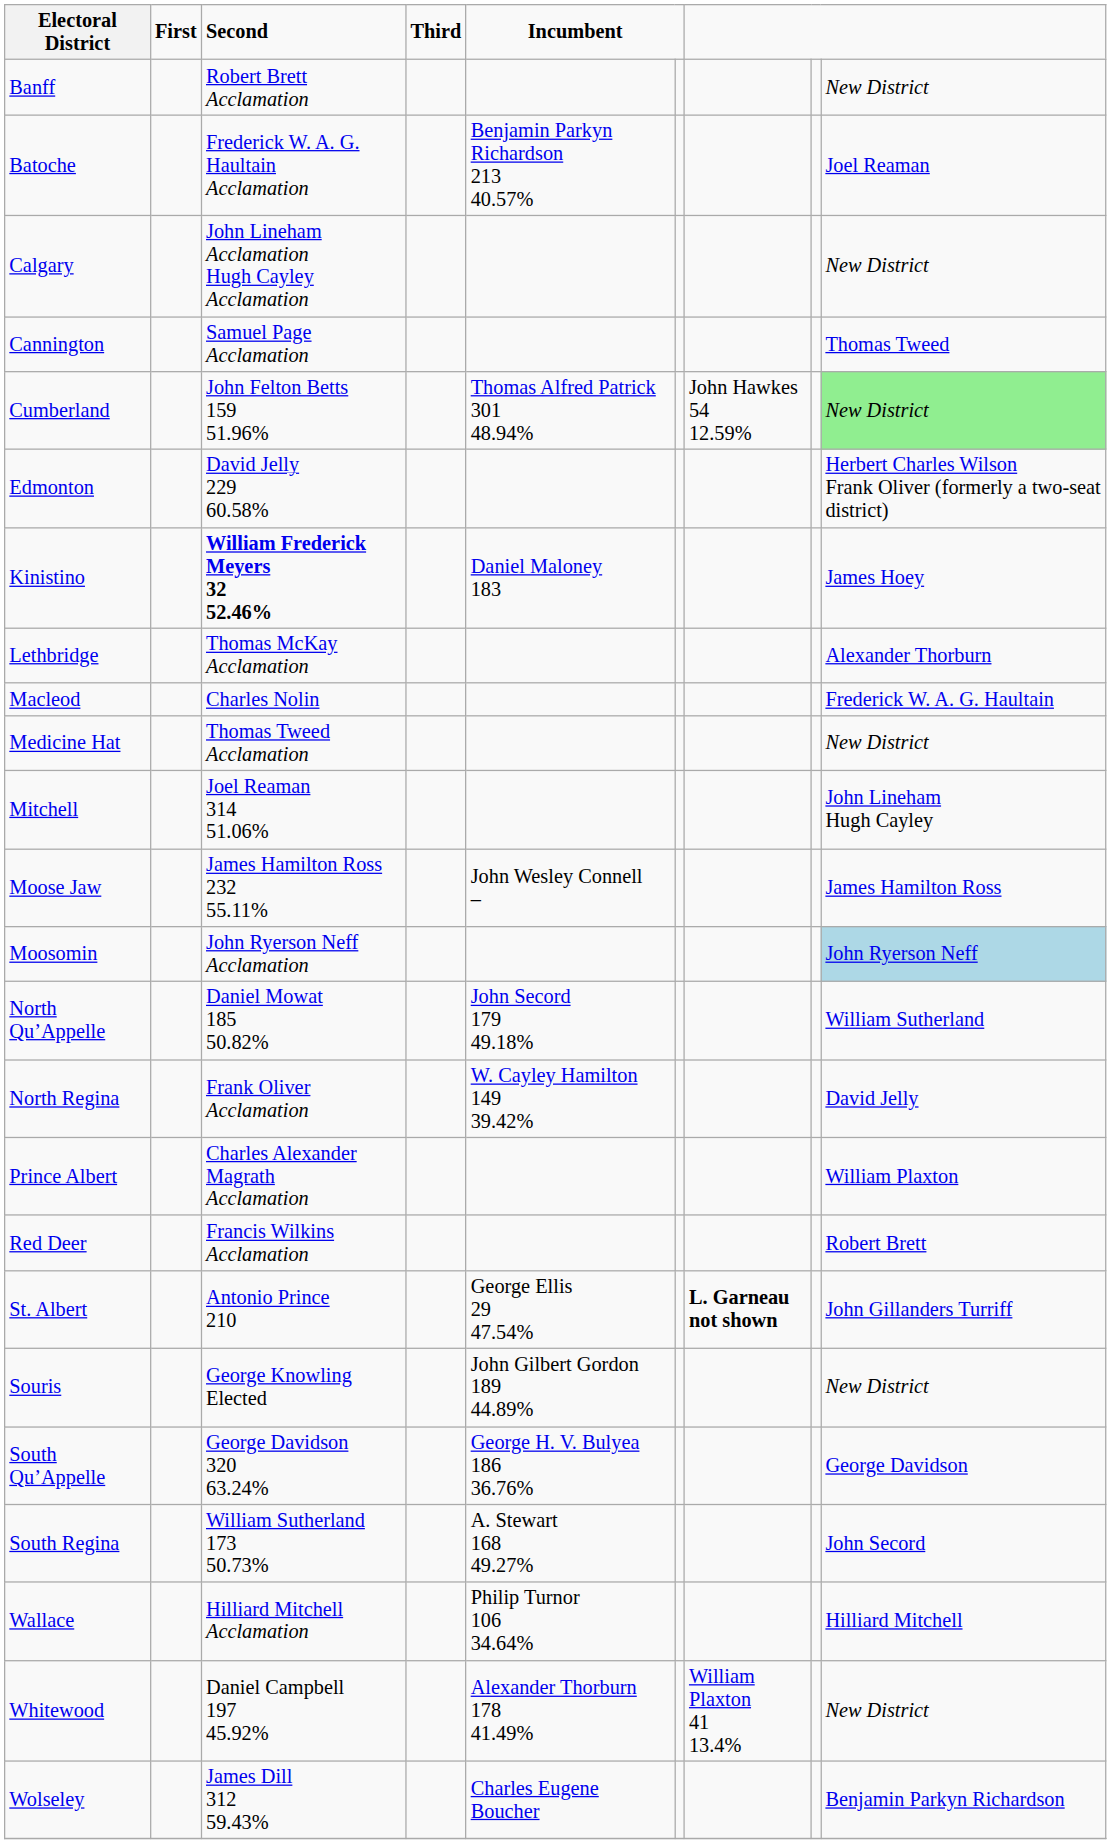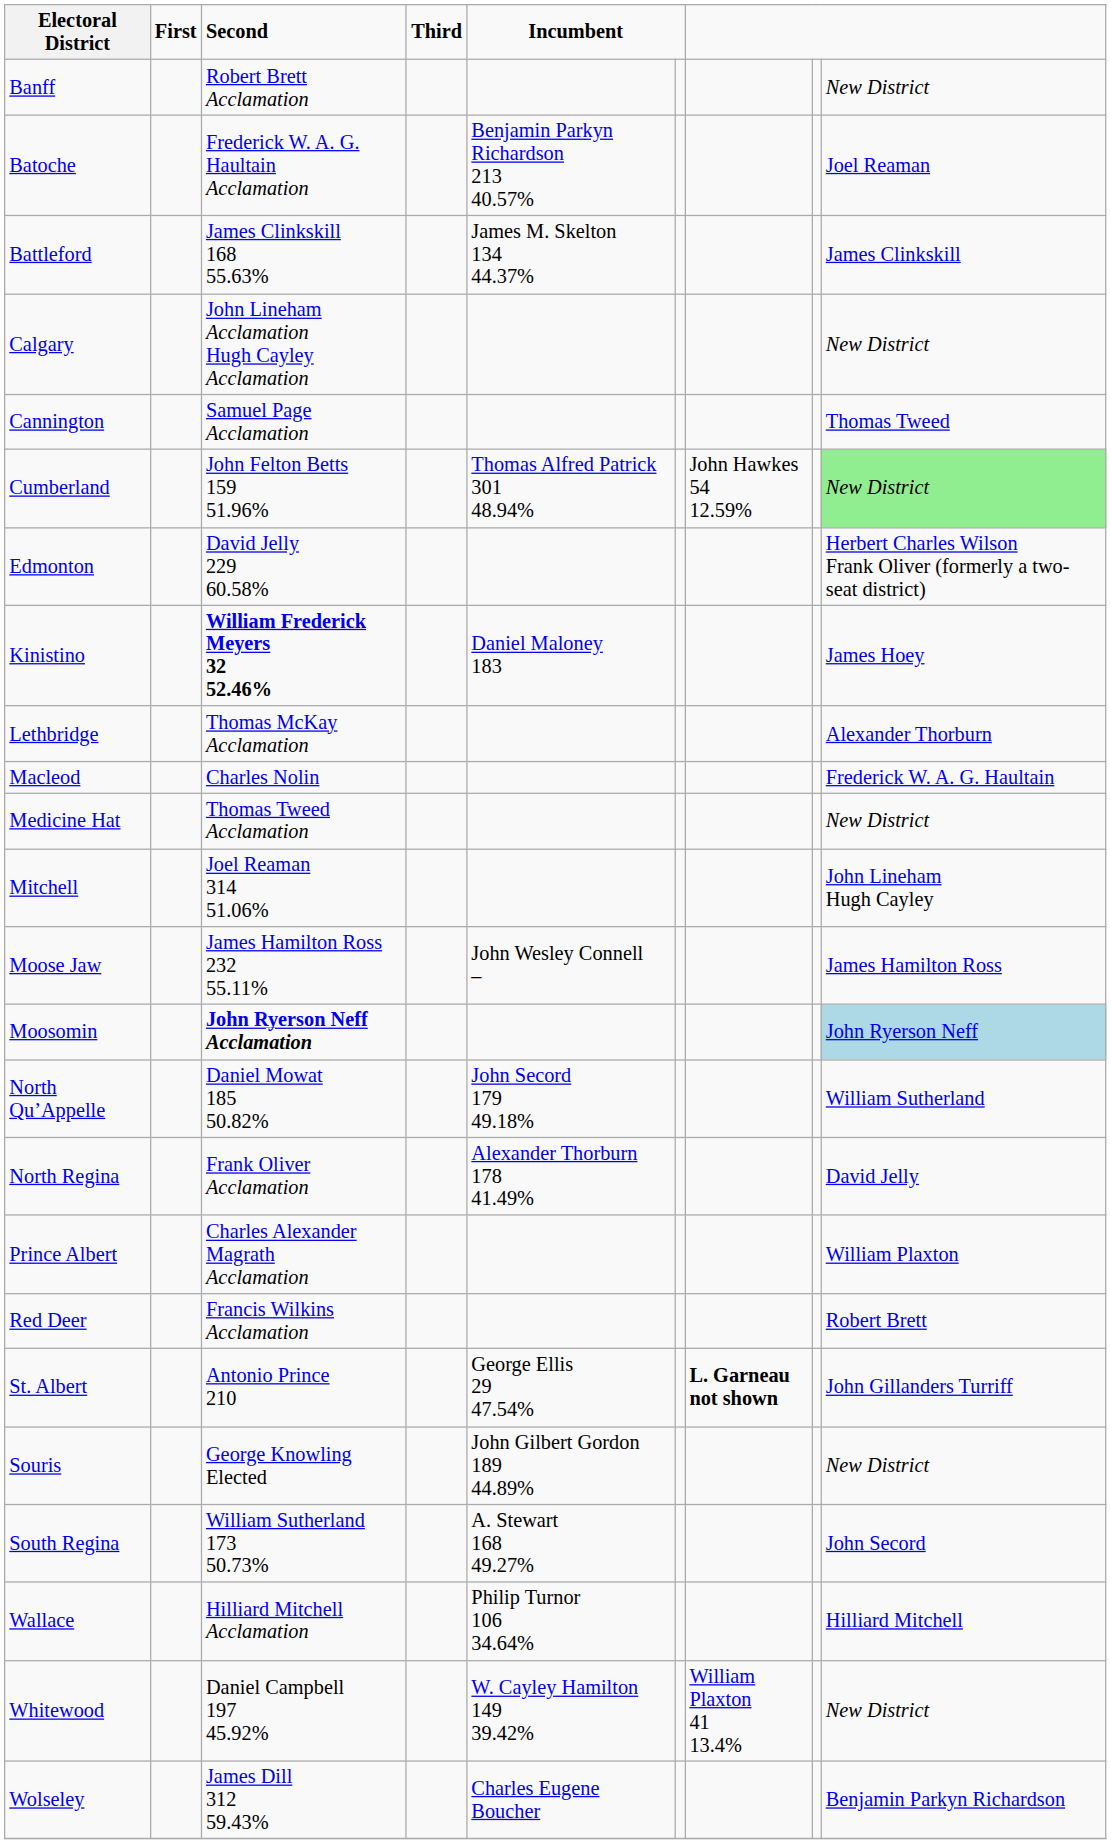 <table class="wikitable">
 <tr>
 <th>Electoral District</th>
 <td><strong>First</strong></td>
 <td><strong>Second</strong></td>
 <td><strong>Third</strong></td>
 <td colspan="2" style="text-align: center;"><strong>Incumbent</strong></td>
 </tr>
 <tr>
 <td><a href='#'>Banff</a></td>
 <td></td>
 <td><a href='#'>Robert Brett</a><br><em>Acclamation</em></td>
 <td></td>
 <td></td>
 <td></td>
 <td></td>
 <td></td>
 <td><em>New District</em></td>
 </tr>
 <tr>
 <td><a href='#'>Batoche</a></td>
 <td></td>
 <td><a href='#'>Frederick W. A. G. Haultain</a><br><em>Acclamation</em></td>
 <td></td>
 <td><a href='#'>Benjamin Parkyn Richardson</a><br>213<br>40.57%</td>
 <td></td>
 <td></td>
 <td></td>
 <td><a href='#'>Joel Reaman</a></td>
+</tr>
+<tr>
+<td><a href='#'>Battleford</a></td>
+<td></td>
+<td><a href='#'>James Clinkskill</a><br>168<br>55.63%</td>
+<td></td>
+<td>James M. Skelton<br>134<br>44.37%</td>
+<td></td>
+<td></td>
+<td></td>
+<td><a href='#'>James Clinkskill</a></td>
 </tr>
 <tr>
 <td><a href='#'>Calgary</a></td>
 <td></td>
 <td><a href='#'>John Lineham</a><br><em>Acclamation</em><br><a href='#'>Hugh Cayley</a><br><em>Acclamation</em></td>
 <td></td>
 <td></td>
 <td></td>
 <td></td>
 <td></td>
 <td><em>New District</em></td>
 </tr>
 <tr>
 <td><a href='#'>Cannington</a></td>
 <td></td>
 <td><a href='#'>Samuel Page</a><br><em>Acclamation</em></td>
 <td></td>
 <td></td>
 <td></td>
 <td></td>
 <td></td>
 <td><a href='#'>Thomas Tweed</a></td>
 </tr>
 <tr>
 <td><a href='#'>Cumberland</a></td>
 <td></td>
 <td><a href='#'>John Felton Betts</a><br>159<br>51.96%</td>
 <td></td>
 <td><a href='#'>Thomas Alfred Patrick</a><br>301<br>48.94%</td>
 <td></td>
 <td>John Hawkes<br>54<br>12.59%</td>
 <td></td>
 <td style="background: lightgreen;"><em>New District</em></td>
 </tr>
 <tr>
 <td><a href='#'>Edmonton</a></td>
 <td></td>
 <td><a href='#'>David Jelly</a><br>229<br>60.58%</td>
 <td></td>
 <td></td>
 <td></td>
 <td></td>
 <td></td>
 <td><a href='#'>Herbert Charles Wilson</a><br>Frank Oliver (formerly a two-seat district)</td>
 </tr>
 <tr>
 <td><a href='#'>Kinistino</a></td>
 <td></td>
 <td><strong><a href='#'>William Frederick Meyers</a><br>32<br>52.46%</strong></td>
 <td></td>
 <td><a href='#'>Daniel Maloney</a><br>183</td>
 <td></td>
 <td></td>
 <td></td>
 <td><a href='#'>James Hoey</a></td>
 </tr>
 <tr>
 <td><a href='#'>Lethbridge</a></td>
 <td></td>
 <td><a href='#'>Thomas McKay</a><br><em>Acclamation</em></td>
 <td></td>
 <td></td>
 <td></td>
 <td></td>
 <td></td>
 <td><a href='#'>Alexander Thorburn</a></td>
 </tr>
 <tr>
 <td><a href='#'>Macleod</a></td>
 <td></td>
 <td><a href='#'>Charles Nolin</a></td>
 <td></td>
 <td></td>
 <td></td>
 <td></td>
 <td></td>
 <td><a href='#'>Frederick W. A. G. Haultain</a></td>
 </tr>
 <tr>
 <td><a href='#'>Medicine Hat</a></td>
 <td></td>
 <td><a href='#'>Thomas Tweed</a><br><em>Acclamation</em></td>
 <td></td>
 <td></td>
 <td></td>
 <td></td>
 <td></td>
 <td><em>New District</em></td>
 </tr>
 <tr>
 <td><a href='#'>Mitchell</a></td>
 <td></td>
 <td><a href='#'>Joel Reaman</a><br>314<br>51.06%</td>
 <td></td>
 <td></td>
 <td></td>
 <td></td>
 <td></td>
 <td><a href='#'>John Lineham</a><br>Hugh Cayley</td>
 </tr>
 <tr>
 <td><a href='#'>Moose Jaw</a></td>
 <td></td>
 <td><a href='#'>James Hamilton Ross</a><br>232<br>55.11%</td>
 <td></td>
 <td>John Wesley Connell<br>–</td>
 <td></td>
 <td></td>
 <td></td>
 <td><a href='#'>James Hamilton Ross</a></td>
 </tr>
 <tr>
 <td><a href='#'>Moosomin</a></td>
 <td></td>
-<td><a href='#'>John Ryerson Neff</a><br><em>Acclamation</em></td>
+<td><strong><a href='#'>John Ryerson Neff</a><br><em>Acclamation</em></strong></td>
 <td></td>
 <td></td>
 <td></td>
 <td></td>
 <td></td>
 <td style="background: lightblue;"><a href='#'>John Ryerson Neff</a></td>
 </tr>
 <tr>
 <td><a href='#'>North Qu’Appelle</a></td>
 <td></td>
 <td><a href='#'>Daniel Mowat</a><br>185<br>50.82%</td>
 <td></td>
 <td><a href='#'>John Secord</a><br>179<br>49.18%</td>
 <td></td>
 <td></td>
 <td></td>
 <td><a href='#'>William Sutherland</a></td>
 </tr>
 <tr>
 <td><a href='#'>North Regina</a></td>
 <td></td>
 <td><a href='#'>Frank Oliver</a><br><em>Acclamation</em></td>
 <td></td>
-<td><a href='#'>W. Cayley Hamilton</a><br>149<br>39.42%</td>
+<td><a href='#'>Alexander Thorburn</a><br>178<br>41.49%</td>
 <td></td>
 <td></td>
 <td></td>
 <td><a href='#'>David Jelly</a></td>
 </tr>
 <tr>
 <td><a href='#'>Prince Albert</a></td>
 <td></td>
 <td><a href='#'>Charles Alexander Magrath</a><br><em>Acclamation</em></td>
 <td></td>
 <td></td>
 <td></td>
 <td></td>
 <td></td>
 <td><a href='#'>William Plaxton</a></td>
 </tr>
 <tr>
 <td><a href='#'>Red Deer</a></td>
 <td></td>
 <td><a href='#'>Francis Wilkins</a><br><em>Acclamation</em></td>
 <td></td>
 <td></td>
 <td></td>
 <td></td>
 <td></td>
 <td><a href='#'>Robert Brett</a></td>
 </tr>
 <tr>
 <td><a href='#'>St. Albert</a></td>
 <td></td>
 <td><a href='#'>Antonio Prince</a><br>210</td>
 <td></td>
 <td>George Ellis<br>29<br>47.54%</td>
 <td></td>
 <td><strong>L. Garneau<br>not shown</strong></td>
 <td></td>
 <td><a href='#'>John Gillanders Turriff</a></td>
 </tr>
 <tr>
 <td><a href='#'>Souris</a></td>
 <td></td>
 <td><a href='#'>George Knowling</a><br>Elected</td>
 <td></td>
 <td>John Gilbert Gordon<br>189<br>44.89%</td>
 <td></td>
 <td></td>
 <td></td>
 <td><em>New District</em></td>
 </tr>
 <tr>
-<td><a href='#'>South Qu’Appelle</a></td>
-<td></td>
-<td><a href='#'>George Davidson</a><br>320<br>63.24%</td>
-<td></td>
-<td><a href='#'>George H. V. Bulyea</a><br>186<br>36.76%</td>
-<td></td>
-<td></td>
-<td></td>
-<td><a href='#'>George Davidson</a></td>
-</tr>
-<tr>
 <td><a href='#'>South Regina</a></td>
 <td></td>
 <td><a href='#'>William Sutherland</a><br>173<br>50.73%</td>
 <td></td>
 <td>A. Stewart<br>168<br>49.27%</td>
 <td></td>
 <td></td>
 <td></td>
 <td><a href='#'>John Secord</a></td>
 </tr>
 <tr>
 <td><a href='#'>Wallace</a></td>
 <td></td>
 <td><a href='#'>Hilliard Mitchell</a><br><em>Acclamation</em></td>
 <td></td>
 <td>Philip Turnor<br>106<br>34.64%</td>
 <td></td>
 <td></td>
 <td></td>
 <td><a href='#'>Hilliard Mitchell</a></td>
 </tr>
 <tr>
 <td><a href='#'>Whitewood</a></td>
 <td></td>
 <td>Daniel Campbell<br>197<br>45.92%</td>
 <td></td>
-<td><a href='#'>Alexander Thorburn</a><br>178<br>41.49%</td>
+<td><a href='#'>W. Cayley Hamilton</a><br>149<br>39.42%</td>
 <td></td>
 <td><a href='#'>William Plaxton</a><br>41<br>13.4%</td>
 <td></td>
 <td><em>New District</em></td>
 </tr>
 <tr>
 <td><a href='#'>Wolseley</a></td>
 <td></td>
 <td><a href='#'>James Dill</a><br>312<br>59.43%</td>
 <td></td>
 <td><a href='#'>Charles Eugene Boucher</a></td>
 <td></td>
 <td></td>
 <td></td>
 <td><a href='#'>Benjamin Parkyn Richardson</a></td>
 </tr>
 <tr>
 </tr>
 </table>
